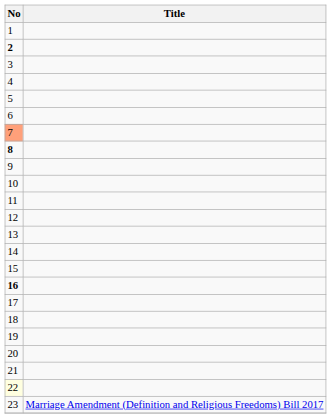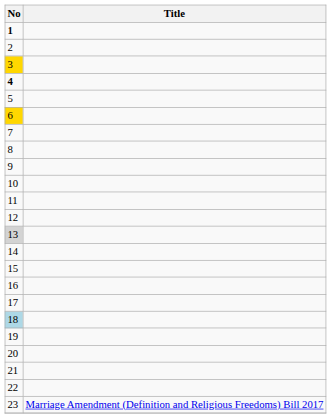 <table class="wikitable"  style="float:right; margin:1ex 0 1ex 1ex;">
 <tr>
 <th>No</th>
 <th>Title</th>
 </tr>
 <tr>
-<td>1</td>
+<td><strong>1</strong></td>
 <td></td>
 </tr>
 <tr>
-<td><strong>2</strong></td>
+<td>2</td>
 <td></td>
 </tr>
 <tr>
-<td>3</td>
+<td style="background: gold;">3</td>
 <td></td>
 </tr>
 <tr>
-<td>4</td>
+<td><strong>4</strong></td>
 <td></td>
 </tr>
 <tr>
 <td>5</td>
 <td></td>
 </tr>
 <tr>
-<td>6</td>
+<td style="background: gold;">6</td>
 <td></td>
 </tr>
 <tr>
-<td style="background: lightsalmon;">7</td>
+<td>7</td>
 <td></td>
 </tr>
 <tr>
-<td><strong>8</strong></td>
+<td>8</td>
 <td></td>
 </tr>
 <tr>
 <td>9</td>
 <td></td>
 </tr>
 <tr>
 <td>10</td>
 <td></td>
 </tr>
 <tr>
 <td>11</td>
 <td></td>
 </tr>
 <tr>
 <td>12</td>
 <td></td>
 </tr>
 <tr>
-<td>13</td>
+<td style="background: lightgrey;">13</td>
 <td></td>
 </tr>
 <tr>
 <td>14</td>
 <td></td>
 </tr>
 <tr>
 <td>15</td>
 <td></td>
 </tr>
 <tr>
-<td><strong>16</strong></td>
+<td>16</td>
 <td></td>
 </tr>
 <tr>
 <td>17</td>
 <td></td>
 </tr>
 <tr>
-<td>18</td>
+<td style="background: lightblue;">18</td>
 <td></td>
 </tr>
 <tr>
 <td>19</td>
 <td></td>
 </tr>
 <tr>
 <td>20</td>
 <td></td>
 </tr>
 <tr>
 <td>21</td>
 <td></td>
 </tr>
 <tr>
-<td style="background: lightyellow;">22</td>
+<td>22</td>
 <td></td>
 </tr>
 <tr>
 <td>23</td>
 <td><a href='#'>Marriage Amendment (Definition and Religious Freedoms) Bill 2017</a></td>
 </tr>
 <tr>
 </tr>
 </table>
